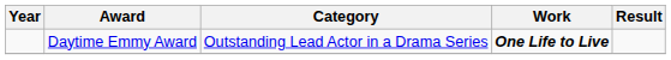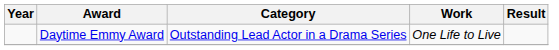 <table class="wikitable sortable plainrowheaders">
 <tr>
 <th scope="col">Year</th>
 <th scope="col">Award</th>
 <th scope="col">Category</th>
 <th scope="col">Work</th>
 <th scope="col">Result</th>
 </tr>
 <tr>
 <td></td>
 <td><a href='#'>Daytime Emmy Award</a></td>
 <td><a href='#'>Outstanding Lead Actor in a Drama Series</a></td>
-<td><strong><em>One Life to Live</em></strong></td>
+<td><em>One Life to Live</em></td>
 <td></td>
 </tr>
 <tr>
 </tr>
 </table>
